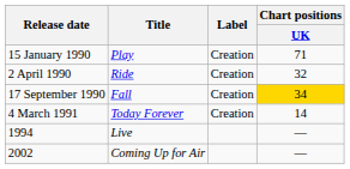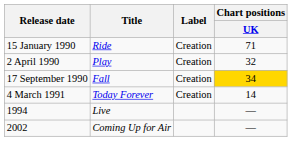 <table class="wikitable">
 <tr>
 <th scope="col" rowspan="2">Release date</th>
 <th scope="col" rowspan="2">Title</th>
 <th scope="col" rowspan="2">Label</th>
 <th scope="col" colspan="3">Chart positions</th>
 </tr>
 <tr>
 <th scope="col"><a href='#'>UK</a><br></th>
 </tr>
 <tr>
 <td>15 January 1990</td>
-<td><em><a href='#'>Play</a></em></td>
+<td><em><a href='#'>Ride</a></em></td>
 <td>Creation</td>
 <td style="text-align:center;">71</td>
 </tr>
 <tr>
 <td>2 April 1990</td>
-<td><em><a href='#'>Ride</a></em></td>
+<td><em><a href='#'>Play</a></em></td>
 <td>Creation</td>
 <td style="text-align:center;">32</td>
 </tr>
 <tr>
 <td>17 September 1990</td>
 <td><em><a href='#'>Fall</a></em></td>
 <td>Creation</td>
 <td style="background: gold; text-align:center;">34</td>
 </tr>
 <tr>
 <td>4 March 1991</td>
 <td><em><a href='#'>Today Forever</a></em></td>
 <td>Creation</td>
 <td style="text-align:center;">14</td>
 </tr>
 <tr>
 <td>1994</td>
 <td><em>Live</em></td>
 <td></td>
 <td style="text-align:center;">—</td>
 </tr>
 <tr>
 <td>2002</td>
 <td><em>Coming Up for Air</em></td>
 <td></td>
 <td style="text-align:center;">—</td>
 </tr>
 </table>
